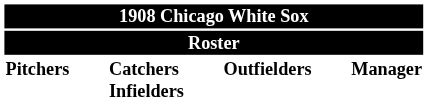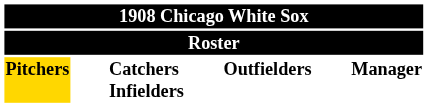 <table class="toccolours" style="font-size: 95%;">
 <tr>
 <th colspan="10" style="background-color: black; color: white; text-align: center;">1908 Chicago White Sox</th>
 </tr>
 <tr>
 <td colspan="10" style="background-color: black; color: white; text-align: center;"><strong>Roster</strong></td>
 </tr>
 <tr>
-<td valign="top"><strong>Pitchers</strong><br>        </td>
+<td valign="top" style="background: gold;"><strong>Pitchers</strong><br>        </td>
 <td width="25px"></td>
 <td valign="top"><strong>Catchers</strong><br>    <strong>Infielders</strong>       </td>
 <td width="25px"></td>
 <td valign="top"><strong>Outfielders</strong><br>   </td>
 <td width="25px"></td>
 <td valign="top"><strong>Manager</strong><br></td>
 </tr>
 </table>
